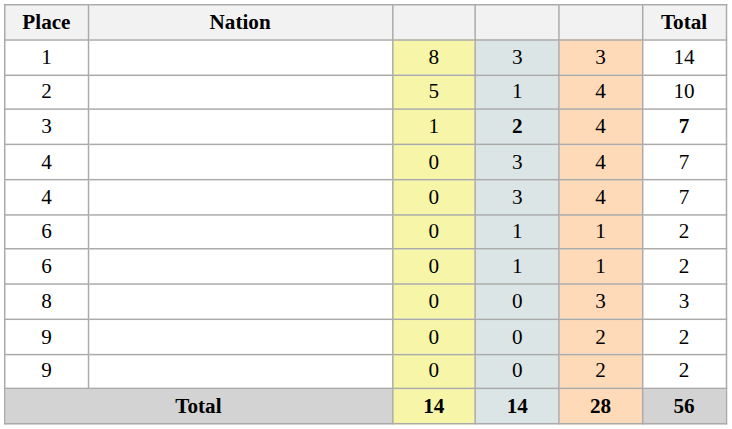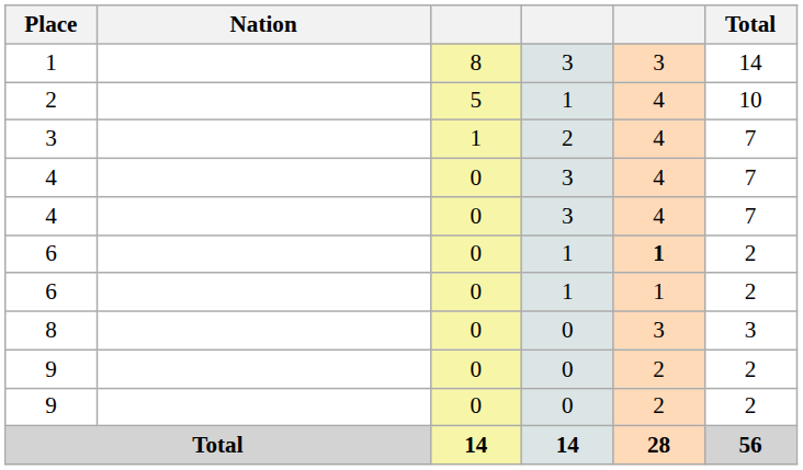 <table class=wikitable style="border:1px solid #AAAAAA;font-size:90%">
 <tr bgcolor="#EFEFEF">
 <th width=50>Place</th>
 <th width=200>Nation</th>
 <th width=50></th>
 <th width=50></th>
 <th width=50></th>
 <th width=50>Total</th>
 </tr>
 <tr align="center" valign="top" bgcolor="#FFFFFF">
 <td>1</td>
 <td align="left"></td>
 <td style="background:#F7F6A8;">8</td>
 <td style="background:#DCE5E5;">3</td>
 <td style="background:#FFDAB9;">3</td>
 <td>14</td>
 </tr>
 <tr align="center" valign="top" bgcolor="#FFFFFF">
 <td>2</td>
 <td align="left"></td>
 <td style="background:#F7F6A8;">5</td>
 <td style="background:#DCE5E5;">1</td>
 <td style="background:#FFDAB9;">4</td>
 <td>10</td>
 </tr>
 <tr align="center" valign="top" bgcolor="#FFFFFF">
 <td>3</td>
 <td align="left"></td>
 <td style="background:#F7F6A8;">1</td>
-<td style="background:#DCE5E5;"><strong>2</strong></td>
+<td style="background:#DCE5E5;">2</td>
 <td style="background:#FFDAB9;">4</td>
-<td><strong>7</strong></td>
+<td>7</td>
 </tr>
 <tr align="center" valign="top" bgcolor="#FFFFFF">
 <td>4</td>
 <td align="left"></td>
 <td style="background:#F7F6A8;">0</td>
 <td style="background:#DCE5E5;">3</td>
 <td style="background:#FFDAB9;">4</td>
 <td>7</td>
 </tr>
 <tr align="center" valign="top" bgcolor="#FFFFFF">
 <td>4</td>
 <td align="left"></td>
 <td style="background:#F7F6A8;">0</td>
 <td style="background:#DCE5E5;">3</td>
 <td style="background:#FFDAB9;">4</td>
 <td>7</td>
 </tr>
 <tr align="center" valign="top" bgcolor="#FFFFFF">
 <td>6</td>
 <td align="left"></td>
 <td style="background:#F7F6A8;">0</td>
 <td style="background:#DCE5E5;">1</td>
-<td style="background:#FFDAB9;">1</td>
+<td style="background:#FFDAB9;"><strong>1</strong></td>
 <td>2</td>
 </tr>
 <tr align="center" valign="top" bgcolor="#FFFFFF">
 <td>6</td>
 <td align="left"></td>
 <td style="background:#F7F6A8;">0</td>
 <td style="background:#DCE5E5;">1</td>
 <td style="background:#FFDAB9;">1</td>
 <td>2</td>
 </tr>
 <tr align="center" valign="top" bgcolor="#FFFFFF">
 <td>8</td>
 <td align="left"></td>
 <td style="background:#F7F6A8;">0</td>
 <td style="background:#DCE5E5;">0</td>
 <td style="background:#FFDAB9;">3</td>
 <td>3</td>
 </tr>
 <tr align="center" valign="top" bgcolor="#FFFFFF">
 <td>9</td>
 <td align="left"></td>
 <td style="background:#F7F6A8;">0</td>
 <td style="background:#DCE5E5;">0</td>
 <td style="background:#FFDAB9;">2</td>
 <td>2</td>
 </tr>
 <tr align="center" valign="top" bgcolor="#FFFFFF">
 <td>9</td>
 <td align="left"></td>
 <td style="background:#F7F6A8;">0</td>
 <td style="background:#DCE5E5;">0</td>
 <td style="background:#FFDAB9;">2</td>
 <td>2</td>
 </tr>
 <tr align="center">
 <td colspan="2" bgcolor=D3D3D3><strong>Total</strong></td>
 <td style="background:#F7F6A8;"><strong>14</strong></td>
 <td style="background:#DCE5E5;"><strong>14</strong></td>
 <td style="background:#FFDAB9;"><strong>28</strong></td>
 <td bgcolor=D3D3D3><strong>56</strong></td>
 </tr>
 </table>
